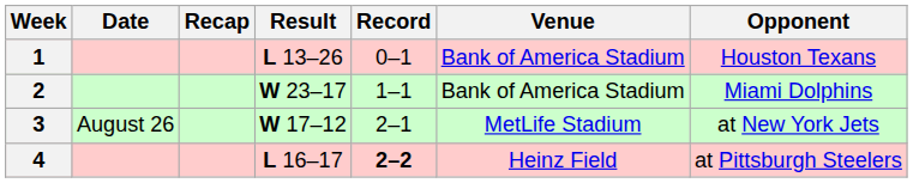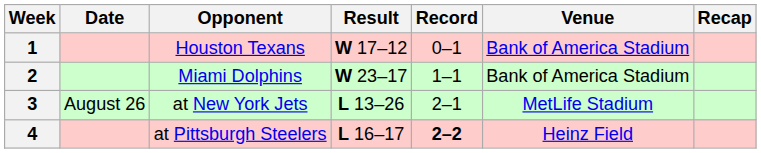 <table class="wikitable" style="text-align:center">
 <tr>
 <th>Week</th>
 <th>Date</th>
-<th>Recap</th>
+<th>Opponent</th>
 <th>Result</th>
 <th>Record</th>
 <th>Venue</th>
-<th>Opponent</th>
+<th>Recap</th>
 </tr>
 <tr style="background:#fcc">
 <th>1</th>
 <td></td>
-<td></td>
-<td><strong>L</strong> 13–26</td>
+<td><a href='#'>Houston Texans</a></td>
+<td><strong>W</strong> 17–12</td>
 <td>0–1</td>
 <td><a href='#'>Bank of America Stadium</a></td>
-<td><a href='#'>Houston Texans</a></td>
+<td></td>
 </tr>
 <tr style="background:#cfc">
 <th>2</th>
 <td></td>
-<td></td>
+<td><a href='#'>Miami Dolphins</a></td>
 <td><strong>W</strong> 23–17</td>
 <td>1–1</td>
 <td>Bank of America Stadium</td>
-<td><a href='#'>Miami Dolphins</a></td>
+<td></td>
 </tr>
 <tr style="background:#cfc">
 <th>3</th>
 <td>August 26</td>
-<td></td>
-<td><strong>W</strong> 17–12</td>
+<td>at <a href='#'>New York Jets</a></td>
+<td><strong>L</strong> 13–26</td>
 <td>2–1</td>
 <td><a href='#'>MetLife Stadium</a></td>
-<td>at <a href='#'>New York Jets</a></td>
+<td></td>
 </tr>
 <tr style="background:#fcc">
 <th>4</th>
 <td></td>
-<td></td>
+<td>at <a href='#'>Pittsburgh Steelers</a></td>
 <td><strong>L</strong> 16–17</td>
 <td><strong>2–2</strong></td>
 <td><a href='#'>Heinz Field</a></td>
-<td>at <a href='#'>Pittsburgh Steelers</a></td>
+<td></td>
 </tr>
 </table>
